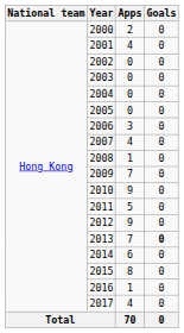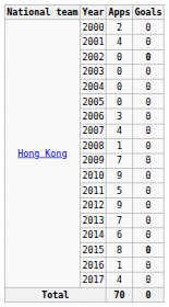 <table class="wikitable" style="text-align:center">
 <tr>
 <th>National team</th>
 <th>Year</th>
 <th>Apps</th>
 <th>Goals</th>
 </tr>
 <tr>
 <td rowspan="18"><a href='#'>Hong Kong</a></td>
 <td>2000</td>
 <td>2</td>
 <td>0</td>
 </tr>
 <tr>
 <td>2001</td>
 <td>4</td>
 <td>0</td>
 </tr>
 <tr>
 <td>2002</td>
 <td>0</td>
-<td>0</td>
+<td><strong>0</strong></td>
 </tr>
 <tr>
 <td>2003</td>
 <td>0</td>
 <td>0</td>
 </tr>
 <tr>
 <td>2004</td>
 <td>0</td>
 <td>0</td>
 </tr>
 <tr>
 <td>2005</td>
 <td>0</td>
 <td>0</td>
 </tr>
 <tr>
 <td>2006</td>
 <td>3</td>
 <td>0</td>
 </tr>
 <tr>
 <td>2007</td>
 <td>4</td>
 <td>0</td>
 </tr>
 <tr>
 <td>2008</td>
 <td>1</td>
 <td>0</td>
 </tr>
 <tr>
 <td>2009</td>
 <td>7</td>
 <td>0</td>
 </tr>
 <tr>
 <td>2010</td>
 <td>9</td>
 <td>0</td>
 </tr>
 <tr>
 <td>2011</td>
 <td>5</td>
 <td>0</td>
 </tr>
 <tr>
 <td>2012</td>
 <td>9</td>
 <td>0</td>
 </tr>
 <tr>
 <td>2013</td>
 <td>7</td>
-<td><strong>0</strong></td>
+<td>0</td>
 </tr>
 <tr>
 <td>2014</td>
 <td>6</td>
 <td>0</td>
 </tr>
 <tr>
 <td>2015</td>
 <td>8</td>
-<td>0</td>
+<td><strong>0</strong></td>
 </tr>
 <tr>
 <td>2016</td>
 <td>1</td>
 <td>0</td>
 </tr>
 <tr>
 <td>2017</td>
 <td>4</td>
 <td>0</td>
 </tr>
 <tr>
 <th colspan=2>Total</th>
 <th>70</th>
 <th>0</th>
 </tr>
 </table>
